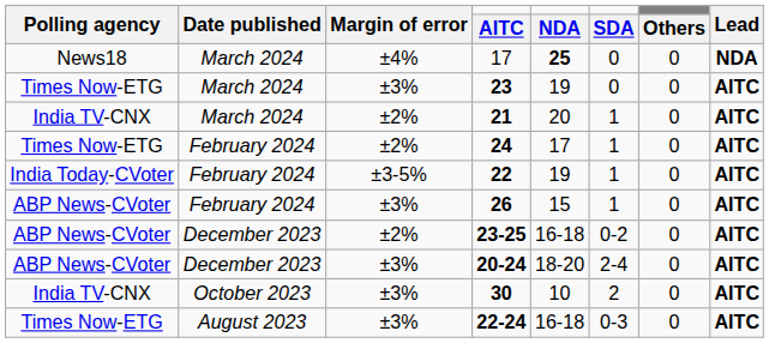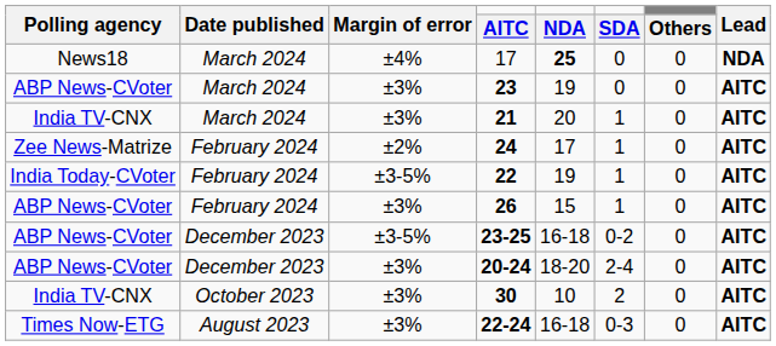 <table class="wikitable sortable" style="text-align:center;font-size:95%;line-height:16px">
 <tr>
 <th rowspan="2">Polling agency</th>
 <th rowspan="2">Date published</th>
 <th rowspan="2">Margin of error</th>
 <td bgcolor=></td>
 <td bgcolor=></td>
 <td bgcolor=></td>
 <td bgcolor=grey></td>
 <th rowspan="2">Lead</th>
 </tr>
 <tr>
 <th><a href='#'>AITC</a></th>
 <th><a href='#'>NDA</a></th>
 <th><a href='#'>SDA</a></th>
 <th>Others</th>
 </tr>
 <tr>
 <td>News18</td>
 <td><em>March 2024</em></td>
 <td>±4%</td>
 <td>17</td>
 <td><strong>25</strong></td>
 <td>0</td>
 <td>0</td>
 <td><strong>NDA</strong></td>
 </tr>
 <tr>
-<td><a href='#'>Times Now</a>-ETG</td>
+<td><a href='#'>ABP News</a>-<a href='#'>CVoter</a></td>
 <td><em>March 2024</em></td>
 <td>±3%</td>
 <td><strong>23</strong></td>
 <td>19</td>
 <td>0</td>
 <td>0</td>
 <td><strong>AITC</strong></td>
 </tr>
 <tr>
 <td><a href='#'>India TV</a>-CNX</td>
 <td><em>March 2024</em></td>
-<td>±2%</td>
+<td>±3%</td>
 <td><strong>21</strong></td>
 <td>20</td>
 <td>1</td>
 <td>0</td>
 <td><strong>AITC</strong></td>
 </tr>
 <tr>
-<td><a href='#'>Times Now</a>-ETG</td>
+<td><a href='#'>Zee News</a>-Matrize</td>
 <td><em>February 2024</em></td>
 <td>±2%</td>
 <td><strong>24</strong></td>
 <td>17</td>
 <td>1</td>
 <td>0</td>
 <td><strong>AITC</strong></td>
 </tr>
 <tr>
 <td><a href='#'>India Today</a>-<a href='#'>CVoter</a></td>
 <td><em>February 2024</em></td>
 <td>±3-5%</td>
 <td><strong>22</strong></td>
 <td>19</td>
 <td>1</td>
 <td>0</td>
 <td><strong>AITC</strong></td>
 </tr>
 <tr>
 <td><a href='#'>ABP News</a>-<a href='#'>CVoter</a></td>
 <td><em>February 2024</em></td>
 <td>±3%</td>
 <td><strong>26</strong></td>
 <td>15</td>
 <td>1</td>
 <td>0</td>
 <td><strong>AITC</strong></td>
 </tr>
 <tr>
 <td><a href='#'>ABP News</a>-<a href='#'>CVoter</a></td>
 <td><em>December 2023</em></td>
-<td>±2%</td>
+<td>±3-5%</td>
 <td><strong>23-25</strong></td>
 <td>16-18</td>
 <td>0-2</td>
 <td>0</td>
 <td><strong>AITC</strong></td>
 </tr>
 <tr>
 <td><a href='#'>ABP News</a>-<a href='#'>CVoter</a></td>
 <td><em>December 2023</em></td>
 <td>±3%</td>
 <td><strong>20-24</strong></td>
 <td>18-20</td>
 <td>2-4</td>
 <td>0</td>
 <td><strong>AITC</strong></td>
 </tr>
 <tr>
 <td><a href='#'>India TV</a>-CNX</td>
 <td><em>October 2023</em></td>
 <td>±3%</td>
 <td><strong>30</strong></td>
 <td>10</td>
 <td>2</td>
 <td>0</td>
 <td><strong>AITC</strong></td>
 </tr>
 <tr>
 <td><a href='#'>Times Now</a>-<a href='#'>ETG</a></td>
 <td><em>August 2023</em></td>
 <td>±3%</td>
 <td><strong>22-24</strong></td>
 <td>16-18</td>
 <td>0-3</td>
 <td>0</td>
 <td><strong>AITC</strong></td>
 </tr>
 </table>
